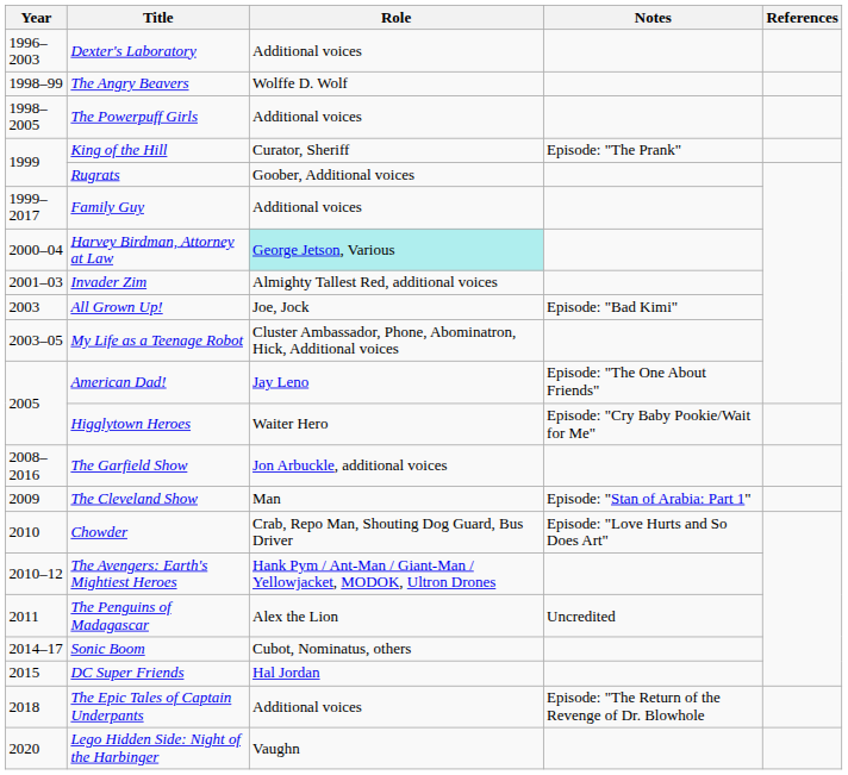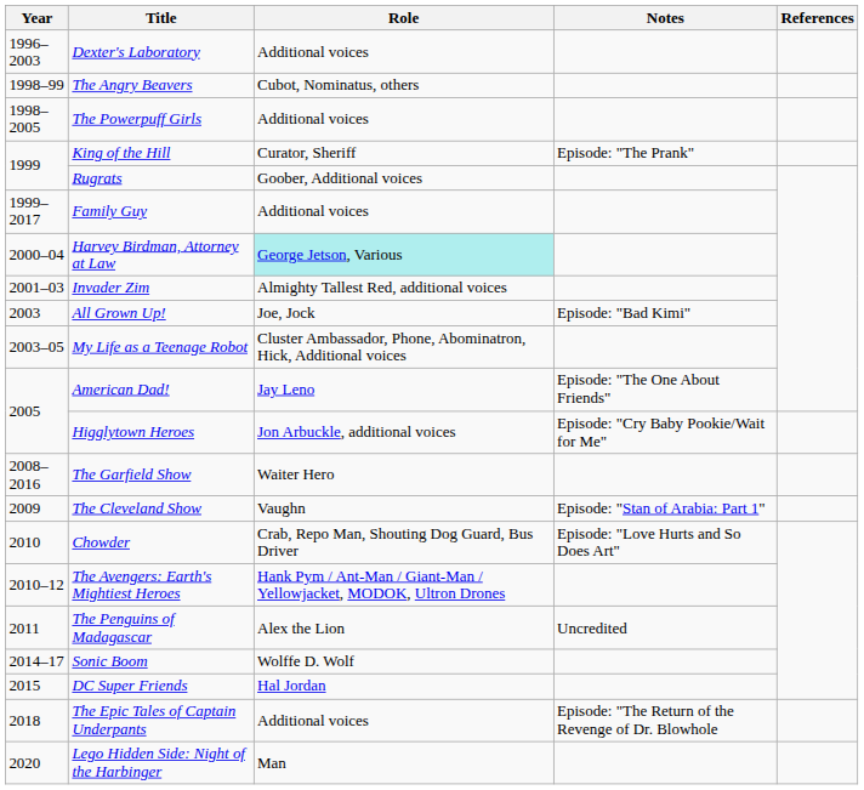 <table class="wikitable sortable plainrowheaders">
 <tr>
 <th>Year</th>
 <th>Title</th>
 <th>Role</th>
 <th>Notes</th>
 <th>References</th>
 </tr>
 <tr>
 <td>1996–2003</td>
 <td><em><a href='#'>Dexter's Laboratory</a></em></td>
 <td>Additional voices</td>
 <td></td>
 <td></td>
 </tr>
 <tr>
 <td>1998–99</td>
 <td><em><a href='#'>The Angry Beavers</a></em></td>
-<td>Wolffe D. Wolf</td>
+<td>Cubot, Nominatus, others</td>
 <td></td>
 <td></td>
 </tr>
 <tr>
 <td>1998–2005</td>
 <td><em><a href='#'>The Powerpuff Girls</a></em></td>
 <td>Additional voices</td>
 <td></td>
 <td></td>
 </tr>
 <tr>
 <td rowspan="2">1999</td>
 <td><em><a href='#'>King of the Hill</a></em></td>
 <td>Curator, Sheriff</td>
 <td>Episode: "The Prank"</td>
 <td></td>
 </tr>
 <tr>
 <td><em><a href='#'>Rugrats</a></em></td>
 <td>Goober, Additional voices</td>
 <td></td>
 <td rowspan="7"></td>
 </tr>
 <tr>
 <td>1999–2017</td>
 <td><em><a href='#'>Family Guy</a></em></td>
 <td>Additional voices</td>
 <td></td>
 </tr>
 <tr>
 <td>2000–04</td>
 <td><em><a href='#'>Harvey Birdman, Attorney at Law</a></em></td>
 <td style="background: paleturquoise;"><a href='#'>George Jetson</a>, Various</td>
 <td></td>
 </tr>
 <tr>
 <td>2001–03</td>
 <td><em><a href='#'>Invader Zim</a></em></td>
 <td>Almighty Tallest Red, additional voices</td>
 <td></td>
 </tr>
 <tr>
 <td>2003</td>
 <td><em><a href='#'>All Grown Up!</a></em></td>
 <td>Joe, Jock</td>
 <td>Episode: "Bad Kimi"</td>
 </tr>
 <tr>
 <td>2003–05</td>
 <td><em><a href='#'>My Life as a Teenage Robot</a></em></td>
 <td>Cluster Ambassador, Phone, Abominatron, Hick, Additional voices</td>
 <td></td>
 </tr>
 <tr>
 <td rowspan="2">2005</td>
 <td><em><a href='#'>American Dad!</a></em></td>
 <td><a href='#'>Jay Leno</a></td>
 <td>Episode: "The One About Friends"</td>
 </tr>
 <tr>
 <td><em><a href='#'>Higglytown Heroes</a></em></td>
-<td>Waiter Hero</td>
+<td><a href='#'>Jon Arbuckle</a>, additional voices</td>
 <td>Episode: "Cry Baby Pookie/Wait for Me"</td>
 <td> </td>
 </tr>
 <tr>
 <td>2008–2016</td>
 <td><em><a href='#'>The Garfield Show</a></em></td>
-<td><a href='#'>Jon Arbuckle</a>, additional voices</td>
+<td>Waiter Hero</td>
 <td></td>
 <td></td>
 </tr>
 <tr>
 <td>2009</td>
 <td><em><a href='#'>The Cleveland Show</a></em></td>
-<td>Man</td>
+<td>Vaughn</td>
 <td>Episode: "<a href='#'>Stan of Arabia: Part 1</a>"</td>
 <td> </td>
 </tr>
 <tr>
 <td>2010</td>
 <td><em><a href='#'>Chowder</a></em></td>
 <td>Crab, Repo Man, Shouting Dog Guard, Bus Driver</td>
 <td>Episode: "Love Hurts and So Does Art"</td>
 <td rowspan="5"></td>
 </tr>
 <tr>
 <td>2010–12</td>
 <td><em><a href='#'>The Avengers: Earth's Mightiest Heroes</a></em></td>
 <td><a href='#'>Hank Pym / Ant-Man / Giant-Man / Yellowjacket</a>, <a href='#'>MODOK</a>, <a href='#'>Ultron Drones</a></td>
 <td></td>
 </tr>
 <tr>
 <td>2011</td>
 <td><em><a href='#'>The Penguins of Madagascar</a></em></td>
 <td>Alex the Lion</td>
 <td>Uncredited</td>
 </tr>
 <tr>
 <td>2014–17</td>
 <td><em><a href='#'>Sonic Boom</a></em></td>
-<td>Cubot, Nominatus, others</td>
+<td>Wolffe D. Wolf</td>
 <td></td>
 </tr>
 <tr>
 <td>2015</td>
 <td><em><a href='#'>DC Super Friends</a></em></td>
 <td><a href='#'>Hal Jordan</a></td>
 <td></td>
 </tr>
 <tr>
 <td>2018</td>
 <td><em><a href='#'>The Epic Tales of Captain Underpants</a></em></td>
 <td>Additional voices</td>
 <td>Episode: "The Return of the Revenge of Dr. Blowhole</td>
 <td></td>
 </tr>
 <tr>
 <td>2020</td>
 <td><em><a href='#'>Lego Hidden Side: Night of the Harbinger</a></em></td>
-<td>Vaughn</td>
+<td>Man</td>
 <td></td>
 <td></td>
 </tr>
 </table>
